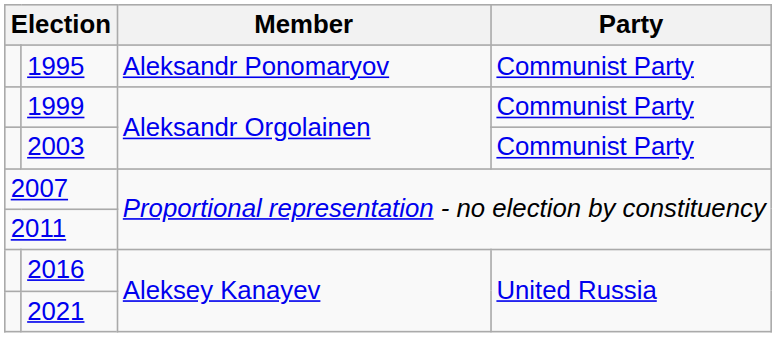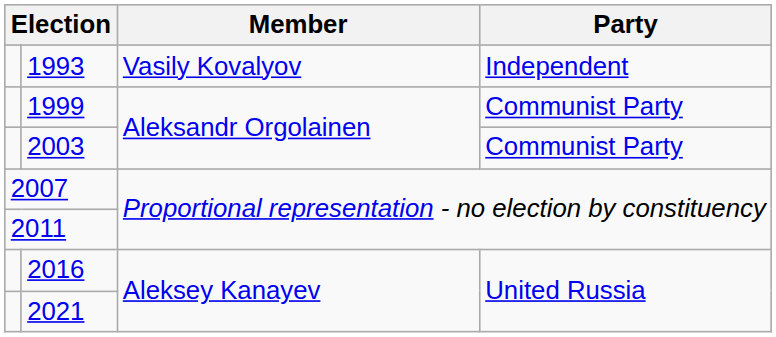 <table class="wikitable">
 <tr>
 <th colspan="2">Election</th>
 <th>Member</th>
 <th>Party</th>
 </tr>
 <tr>
 <td style="background-color:"></td>
-<td><a href='#'>1995</a></td>
-<td><a href='#'>Aleksandr Ponomaryov</a></td>
-<td><a href='#'>Communist Party</a></td>
+<td><a href='#'>1993</a></td>
+<td><a href='#'>Vasily Kovalyov</a></td>
+<td><a href='#'>Independent</a></td>
 </tr>
 <tr>
 <td style="background-color:"></td>
 <td><a href='#'>1999</a></td>
 <td rowspan=2><a href='#'>Aleksandr Orgolainen</a></td>
 <td><a href='#'>Communist Party</a></td>
 </tr>
 <tr>
 <td style="background-color:"></td>
 <td><a href='#'>2003</a></td>
 <td><a href='#'>Communist Party</a></td>
 </tr>
 <tr>
 <td colspan=2><a href='#'>2007</a></td>
 <td colspan=2 rowspan=2><em><a href='#'>Proportional representation</a> - no election by constituency</em></td>
 </tr>
 <tr>
 <td colspan=2><a href='#'>2011</a></td>
 </tr>
 <tr>
 <td style="background-color: "></td>
 <td><a href='#'>2016</a></td>
 <td rowspan=2><a href='#'>Aleksey Kanayev</a></td>
 <td rowspan=2><a href='#'>United Russia</a></td>
 </tr>
 <tr>
 <td style="background-color: "></td>
 <td><a href='#'>2021</a></td>
 </tr>
 </table>
